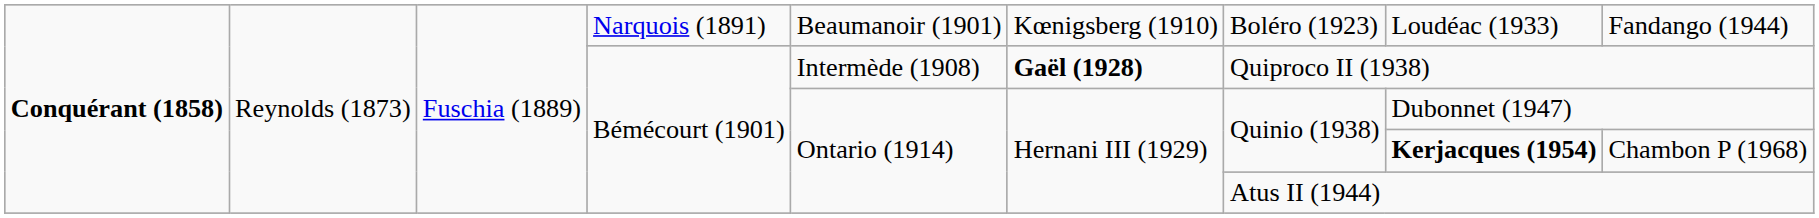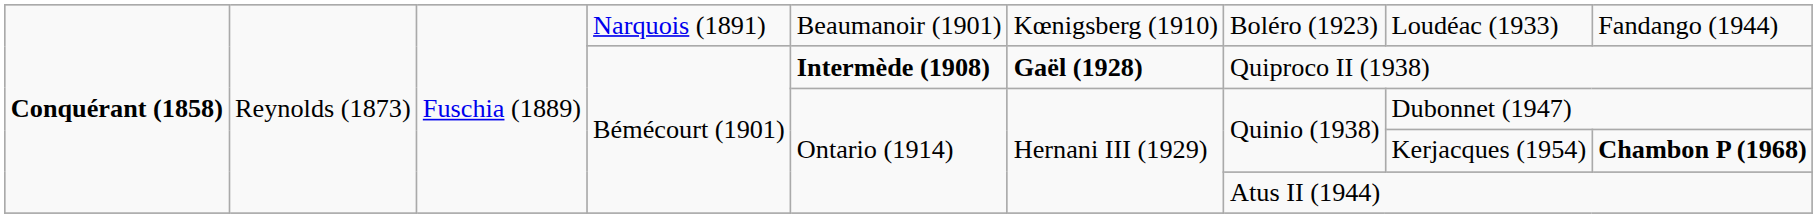 <table class="wikitable">
 <tr>
 <td rowspan="5"><strong>Conquérant (1858)</strong></td>
 <td rowspan="5">Reynolds (1873)</td>
 <td rowspan="5"><a href='#'>Fuschia</a> (1889)</td>
 <td><a href='#'>Narquois</a> (1891)</td>
 <td>Beaumanoir (1901)</td>
 <td>Kœnigsberg (1910)</td>
 <td>Boléro (1923)</td>
 <td>Loudéac (1933)</td>
 <td>Fandango (1944)</td>
 </tr>
 <tr>
 <td rowspan="4">Bémécourt (1901)</td>
-<td>Intermède (1908)</td>
+<td><strong>Intermède (1908)</strong></td>
 <td><strong>Gaël (1928)</strong></td>
 <td colspan="3">Quiproco II (1938)</td>
 </tr>
 <tr>
 <td rowspan="3">Ontario (1914)</td>
 <td rowspan="3">Hernani III (1929)</td>
 <td rowspan="2">Quinio (1938)</td>
 <td colspan="2">Dubonnet (1947)</td>
 </tr>
 <tr>
-<td><strong>Kerjacques (1954)</strong></td>
-<td>Chambon P (1968)</td>
+<td>Kerjacques (1954)</td>
+<td><strong>Chambon P (1968)</strong></td>
 </tr>
 <tr>
 <td colspan="3">Atus II (1944)</td>
 </tr>
 </table>
